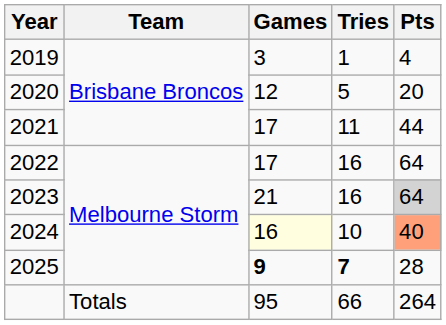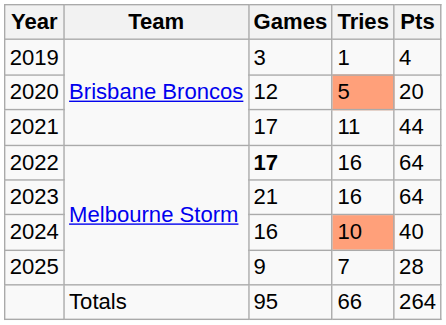 <table class="wikitable">
 <tr>
 <th>Year</th>
 <th>Team</th>
 <th>Games</th>
 <th>Tries</th>
 <th>Pts</th>
 </tr>
 <tr>
 <td>2019</td>
 <td rowspan="3"> <a href='#'>Brisbane Broncos</a></td>
 <td>3</td>
 <td>1</td>
 <td>4</td>
 </tr>
 <tr>
 <td>2020</td>
 <td>12</td>
-<td>5</td>
+<td style="background: lightsalmon;">5</td>
 <td>20</td>
 </tr>
 <tr>
 <td>2021</td>
 <td>17</td>
 <td>11</td>
 <td>44</td>
 </tr>
 <tr>
 <td>2022</td>
 <td rowspan="4"> <a href='#'>Melbourne Storm</a></td>
-<td>17</td>
+<td><strong>17</strong></td>
 <td>16</td>
 <td>64</td>
 </tr>
 <tr>
 <td>2023</td>
 <td>21</td>
 <td>16</td>
-<td style="background: lightgrey;">64</td>
+<td>64</td>
 </tr>
 <tr>
 <td>2024</td>
-<td style="background: lightyellow;">16</td>
-<td>10</td>
-<td style="background: lightsalmon;">40</td>
+<td>16</td>
+<td style="background: lightsalmon;">10</td>
+<td>40</td>
 </tr>
 <tr>
 <td>2025</td>
-<td><strong>9</strong></td>
-<td><strong>7</strong></td>
+<td>9</td>
+<td>7</td>
 <td>28</td>
 </tr>
 <tr>
 <td></td>
 <td>Totals</td>
 <td>95</td>
 <td>66</td>
 <td>264</td>
 </tr>
 </table>
